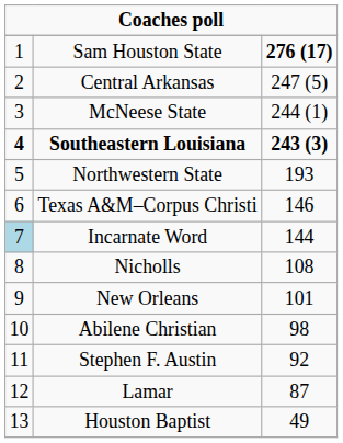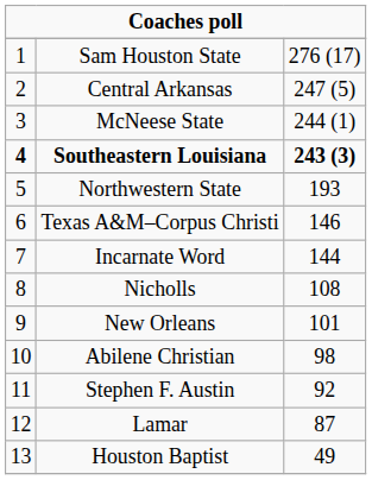 <table class="wikitable">
 <tr align="center">
 <td align="center" Colspan="3"><strong>Coaches poll</strong></td>
 </tr>
 <tr align="center">
 </tr>
 <tr align="center">
 <td>1</td>
 <td>Sam Houston State</td>
-<td><strong>276 (17)</strong></td>
+<td>276 (17)</td>
 </tr>
 <tr align="center">
 <td>2</td>
 <td>Central Arkansas</td>
 <td>247 (5)</td>
 </tr>
 <tr align="center">
 <td>3</td>
 <td>McNeese State</td>
 <td>244 (1)</td>
 </tr>
 <tr align="center">
 <td><strong>4</strong></td>
 <td><strong>Southeastern Louisiana</strong></td>
 <td><strong>243 (3)</strong></td>
 </tr>
 <tr align="center">
 <td>5</td>
 <td>Northwestern State</td>
 <td>193</td>
 </tr>
 <tr align="center">
 <td>6</td>
 <td>Texas A&M–Corpus Christi</td>
 <td>146</td>
 </tr>
 <tr align="center">
-<td style="background: lightblue;">7</td>
+<td>7</td>
 <td>Incarnate Word</td>
 <td>144</td>
 </tr>
 <tr align="center">
 <td>8</td>
 <td>Nicholls</td>
 <td>108</td>
 </tr>
 <tr align="center">
 <td>9</td>
 <td>New Orleans</td>
 <td>101</td>
 </tr>
 <tr align="center">
 <td>10</td>
 <td>Abilene Christian</td>
 <td>98</td>
 </tr>
 <tr align="center">
 <td>11</td>
 <td>Stephen F. Austin</td>
 <td>92</td>
 </tr>
 <tr align="center">
 <td>12</td>
 <td>Lamar</td>
 <td>87</td>
 </tr>
 <tr align="center">
 <td>13</td>
 <td>Houston Baptist</td>
 <td>49</td>
 </tr>
 <tr align="center">
 </tr>
 </table>
